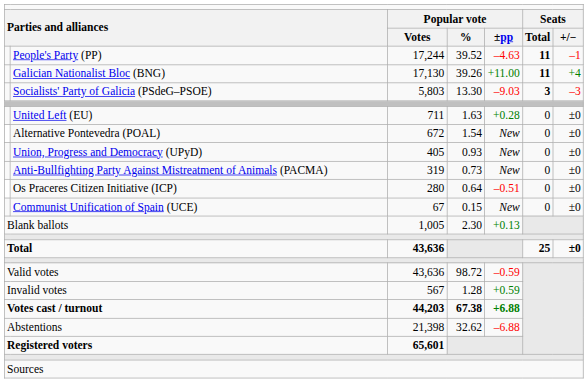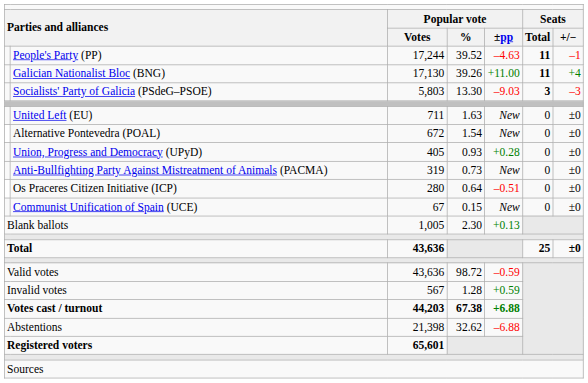 <table class="wikitable" style="text-align:right;">
 <tr>
 <td colspan="7"></td>
 </tr>
 <tr>
 <th style="text-align:left;" rowspan="2" colspan="2" width="525">Parties and alliances</th>
 <th colspan="3">Popular vote</th>
 <th colspan="2">Seats</th>
 </tr>
 <tr>
 <th width="75">Votes</th>
 <th width="45">%</th>
 <th width="45">±<a href='#'>pp</a></th>
 <th width="35">Total</th>
 <th width="35">+/−</th>
 </tr>
 <tr>
 <td width="1" style="color:inherit;background:"></td>
 <td align="left"><a href='#'>People's Party</a> (PP)</td>
 <td>17,244</td>
 <td>39.52</td>
 <td style="color:red;">–4.63</td>
 <td><strong>11</strong></td>
 <td style="color:red;">–1</td>
 </tr>
 <tr>
 <td style="color:inherit;background:"></td>
 <td align="left"><a href='#'>Galician Nationalist Bloc</a> (BNG)</td>
 <td>17,130</td>
 <td>39.26</td>
 <td style="color:green;">+11.00</td>
 <td><strong>11</strong></td>
 <td style="color:green;">+4</td>
 </tr>
 <tr>
 <td style="color:inherit;background:"></td>
 <td align="left"><a href='#'>Socialists' Party of Galicia</a> (PSdeG–PSOE)</td>
 <td>5,803</td>
 <td>13.30</td>
 <td style="color:red;">–9.03</td>
 <td><strong>3</strong></td>
 <td style="color:red;">–3</td>
 </tr>
 <tr>
 <td colspan="7" bgcolor="#C0C0C0"></td>
 </tr>
 <tr>
 <td style="color:inherit;background:"></td>
 <td align="left"><a href='#'>United Left</a> (EU)</td>
 <td>711</td>
 <td>1.63</td>
-<td style="color:green;">+0.28</td>
+<td><em>New</em></td>
 <td>0</td>
 <td>±0</td>
 </tr>
 <tr>
 <td bgcolor="white"></td>
 <td align="left">Alternative Pontevedra (POAL)</td>
 <td>672</td>
 <td>1.54</td>
 <td><em>New</em></td>
 <td>0</td>
 <td>±0</td>
 </tr>
 <tr>
 <td style="color:inherit;background:"></td>
 <td align="left"><a href='#'>Union, Progress and Democracy</a> (UPyD)</td>
 <td>405</td>
 <td>0.93</td>
-<td><em>New</em></td>
+<td style="color:green;">+0.28</td>
 <td>0</td>
 <td>±0</td>
 </tr>
 <tr>
 <td style="color:inherit;background:"></td>
 <td align="left"><a href='#'>Anti-Bullfighting Party Against Mistreatment of Animals</a> (PACMA)</td>
 <td>319</td>
 <td>0.73</td>
 <td><em>New</em></td>
 <td>0</td>
 <td>±0</td>
 </tr>
 <tr>
 <td bgcolor="white"></td>
 <td align="left">Os Praceres Citizen Initiative (ICP)</td>
 <td>280</td>
 <td>0.64</td>
 <td style="color:red;">–0.51</td>
 <td>0</td>
 <td>±0</td>
 </tr>
 <tr>
 <td style="color:inherit;background:"></td>
 <td align="left"><a href='#'>Communist Unification of Spain</a> (UCE)</td>
 <td>67</td>
 <td>0.15</td>
 <td><em>New</em></td>
 <td>0</td>
 <td>±0</td>
 </tr>
 <tr>
 <td align="left" colspan="2">Blank ballots</td>
 <td>1,005</td>
 <td>2.30</td>
 <td style="color:green;">+0.13</td>
 <td bgcolor="#E9E9E9" colspan="2"></td>
 </tr>
 <tr>
 <td colspan="7" bgcolor="#E9E9E9"></td>
 </tr>
 <tr style="font-weight:bold;">
 <td align="left" colspan="2">Total</td>
 <td>43,636</td>
 <td bgcolor="#E9E9E9" colspan="2"></td>
 <td>25</td>
 <td>±0</td>
 </tr>
 <tr>
 <td colspan="7" bgcolor="#E9E9E9"></td>
 </tr>
 <tr>
 <td align="left" colspan="2">Valid votes</td>
 <td>43,636</td>
 <td>98.72</td>
 <td style="color:red;">–0.59</td>
 <td bgcolor="#E9E9E9" colspan="2" rowspan="5"></td>
 </tr>
 <tr>
 <td align="left" colspan="2">Invalid votes</td>
 <td>567</td>
 <td>1.28</td>
 <td style="color:green;">+0.59</td>
 </tr>
 <tr style="font-weight:bold;">
 <td align="left" colspan="2">Votes cast / turnout</td>
 <td>44,203</td>
 <td>67.38</td>
 <td style="color:green;">+6.88</td>
 </tr>
 <tr>
 <td align="left" colspan="2">Abstentions</td>
 <td>21,398</td>
 <td>32.62</td>
 <td style="color:red;">–6.88</td>
 </tr>
 <tr style="font-weight:bold;">
 <td align="left" colspan="2">Registered voters</td>
 <td>65,601</td>
 <td bgcolor="#E9E9E9" colspan="2"></td>
 </tr>
 <tr>
 <td colspan="7" bgcolor="#E9E9E9"></td>
 </tr>
 <tr>
 <td align="left" colspan="7">Sources</td>
 </tr>
 </table>
